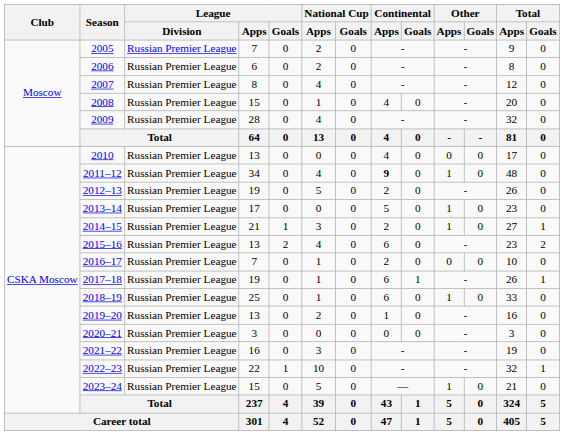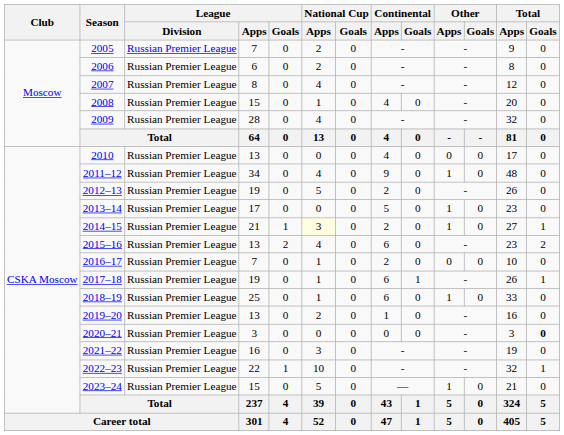 <table class="wikitable" style="text-align:center">
 <tr>
 <th rowspan="2">Club</th>
 <th rowspan="2">Season</th>
 <th colspan="3">League</th>
 <th colspan="2">National Cup</th>
 <th colspan="2">Continental</th>
 <th colspan="2">Other</th>
 <th colspan="2">Total</th>
 </tr>
 <tr>
 <th>Division</th>
 <th>Apps</th>
 <th>Goals</th>
 <th>Apps</th>
 <th>Goals</th>
 <th>Apps</th>
 <th>Goals</th>
 <th>Apps</th>
 <th>Goals</th>
 <th>Apps</th>
 <th>Goals</th>
 </tr>
 <tr>
 <td rowspan="6"><a href='#'>Moscow</a></td>
 <td><a href='#'>2005</a></td>
 <td><a href='#'>Russian Premier League</a></td>
 <td>7</td>
 <td>0</td>
 <td>2</td>
 <td>0</td>
 <td colspan="2">-</td>
 <td colspan="2">-</td>
 <td>9</td>
 <td>0</td>
 </tr>
 <tr>
 <td><a href='#'>2006</a></td>
 <td>Russian Premier League</td>
 <td>6</td>
 <td>0</td>
 <td>2</td>
 <td>0</td>
 <td colspan="2">-</td>
 <td colspan="2">-</td>
 <td>8</td>
 <td>0</td>
 </tr>
 <tr>
 <td><a href='#'>2007</a></td>
 <td>Russian Premier League</td>
 <td>8</td>
 <td>0</td>
 <td>4</td>
 <td>0</td>
 <td colspan="2">-</td>
 <td colspan="2">-</td>
 <td>12</td>
 <td>0</td>
 </tr>
 <tr>
 <td><a href='#'>2008</a></td>
 <td>Russian Premier League</td>
 <td>15</td>
 <td>0</td>
 <td>1</td>
 <td>0</td>
 <td>4</td>
 <td>0</td>
 <td colspan="2">-</td>
 <td>20</td>
 <td>0</td>
 </tr>
 <tr>
 <td><a href='#'>2009</a></td>
 <td>Russian Premier League</td>
 <td>28</td>
 <td>0</td>
 <td>4</td>
 <td>0</td>
 <td colspan="2">-</td>
 <td colspan="2">-</td>
 <td>32</td>
 <td>0</td>
 </tr>
 <tr>
 <th colspan="2">Total</th>
 <th>64</th>
 <th>0</th>
 <th>13</th>
 <th>0</th>
 <th>4</th>
 <th>0</th>
 <th>-</th>
 <th>-</th>
 <th>81</th>
 <th>0</th>
 </tr>
 <tr>
 <td rowspan="15"><a href='#'>CSKA Moscow</a></td>
 <td><a href='#'>2010</a></td>
 <td>Russian Premier League</td>
 <td>13</td>
 <td>0</td>
 <td>0</td>
 <td>0</td>
 <td>4</td>
 <td>0</td>
 <td>0</td>
 <td>0</td>
 <td>17</td>
 <td>0</td>
 </tr>
 <tr>
 <td><a href='#'>2011–12</a></td>
 <td>Russian Premier League</td>
 <td>34</td>
 <td>0</td>
 <td>4</td>
 <td>0</td>
-<td><strong>9</strong></td>
+<td>9</td>
 <td>0</td>
 <td>1</td>
 <td>0</td>
 <td>48</td>
 <td>0</td>
 </tr>
 <tr>
 <td><a href='#'>2012–13</a></td>
 <td>Russian Premier League</td>
 <td>19</td>
 <td>0</td>
 <td>5</td>
 <td>0</td>
 <td>2</td>
 <td>0</td>
 <td colspan="2">-</td>
 <td>26</td>
 <td>0</td>
 </tr>
 <tr>
 <td><a href='#'>2013–14</a></td>
 <td>Russian Premier League</td>
 <td>17</td>
 <td>0</td>
 <td>0</td>
 <td>0</td>
 <td>5</td>
 <td>0</td>
 <td>1</td>
 <td>0</td>
 <td>23</td>
 <td>0</td>
 </tr>
 <tr>
 <td><a href='#'>2014–15</a></td>
 <td>Russian Premier League</td>
 <td>21</td>
 <td>1</td>
-<td>3</td>
+<td style="background: lightyellow;">3</td>
 <td>0</td>
 <td>2</td>
 <td>0</td>
 <td>1</td>
 <td>0</td>
 <td>27</td>
 <td>1</td>
 </tr>
 <tr>
 <td><a href='#'>2015–16</a></td>
 <td>Russian Premier League</td>
 <td>13</td>
 <td>2</td>
 <td>4</td>
 <td>0</td>
 <td>6</td>
 <td>0</td>
 <td colspan="2">-</td>
 <td>23</td>
 <td>2</td>
 </tr>
 <tr>
 <td><a href='#'>2016–17</a></td>
 <td>Russian Premier League</td>
 <td>7</td>
 <td>0</td>
 <td>1</td>
 <td>0</td>
 <td>2</td>
 <td>0</td>
 <td>0</td>
 <td>0</td>
 <td>10</td>
 <td>0</td>
 </tr>
 <tr>
 <td><a href='#'>2017–18</a></td>
 <td>Russian Premier League</td>
 <td>19</td>
 <td>0</td>
 <td>1</td>
 <td>0</td>
 <td>6</td>
 <td>1</td>
 <td colspan="2">-</td>
 <td>26</td>
 <td>1</td>
 </tr>
 <tr>
 <td><a href='#'>2018–19</a></td>
 <td>Russian Premier League</td>
 <td>25</td>
 <td>0</td>
 <td>1</td>
 <td>0</td>
 <td>6</td>
 <td>0</td>
 <td>1</td>
 <td>0</td>
 <td>33</td>
 <td>0</td>
 </tr>
 <tr>
 <td><a href='#'>2019–20</a></td>
 <td>Russian Premier League</td>
 <td>13</td>
 <td>0</td>
 <td>2</td>
 <td>0</td>
 <td>1</td>
 <td>0</td>
 <td colspan="2">-</td>
 <td>16</td>
 <td>0</td>
 </tr>
 <tr>
 <td><a href='#'>2020–21</a></td>
 <td>Russian Premier League</td>
 <td>3</td>
 <td>0</td>
 <td>0</td>
 <td>0</td>
 <td>0</td>
 <td>0</td>
 <td colspan="2">-</td>
 <td>3</td>
-<td>0</td>
+<td><strong>0</strong></td>
 </tr>
 <tr>
 <td><a href='#'>2021–22</a></td>
 <td>Russian Premier League</td>
 <td>16</td>
 <td>0</td>
 <td>3</td>
 <td>0</td>
 <td colspan="2">-</td>
 <td colspan="2">-</td>
 <td>19</td>
 <td>0</td>
 </tr>
 <tr>
 <td><a href='#'>2022–23</a></td>
 <td>Russian Premier League</td>
 <td>22</td>
 <td>1</td>
 <td>10</td>
 <td>0</td>
 <td colspan="2">-</td>
 <td colspan="2">-</td>
 <td>32</td>
 <td>1</td>
 </tr>
 <tr>
 <td><a href='#'>2023–24</a></td>
 <td>Russian Premier League</td>
 <td>15</td>
 <td>0</td>
 <td>5</td>
 <td>0</td>
 <td colspan="2">—</td>
 <td>1</td>
 <td>0</td>
 <td>21</td>
 <td>0</td>
 </tr>
 <tr>
 <th colspan="2">Total</th>
 <th>237</th>
 <th>4</th>
 <th>39</th>
 <th>0</th>
 <th>43</th>
 <th>1</th>
 <th>5</th>
 <th>0</th>
 <th>324</th>
 <th>5</th>
 </tr>
 <tr>
 <th colspan="3">Career total</th>
 <th>301</th>
 <th>4</th>
 <th>52</th>
 <th>0</th>
 <th>47</th>
 <th>1</th>
 <th>5</th>
 <th>0</th>
 <th>405</th>
 <th>5</th>
 </tr>
 </table>
